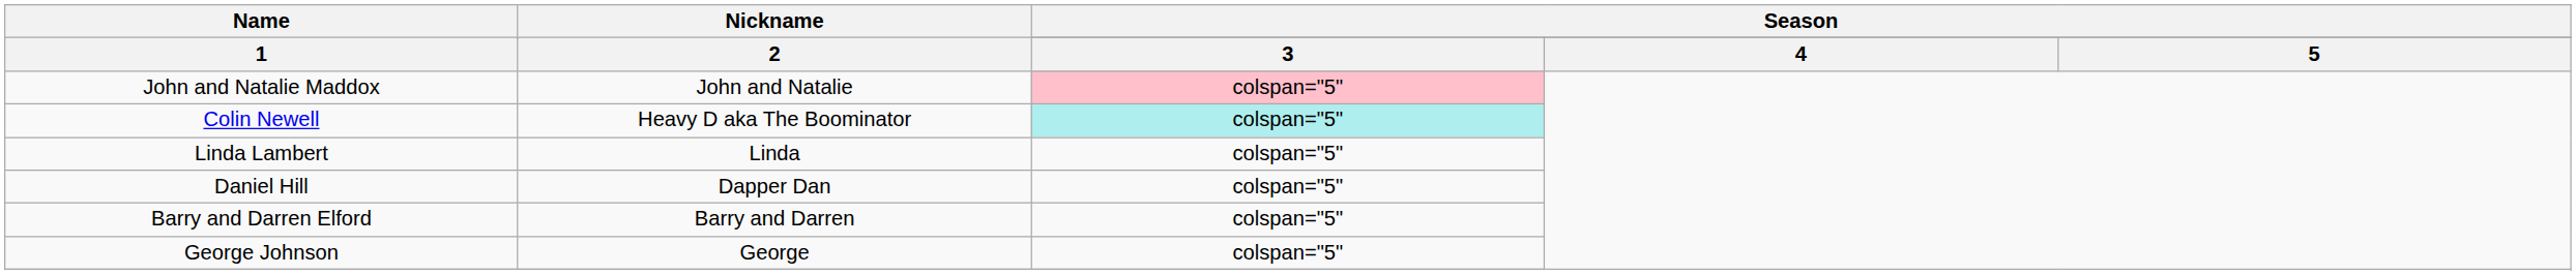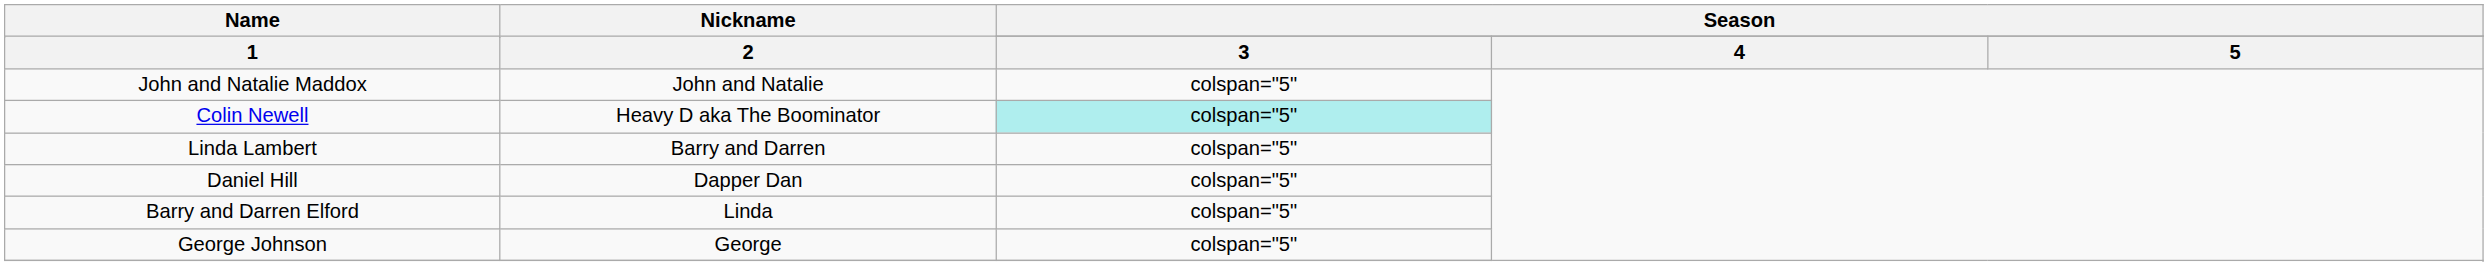 <table class="wikitable plainrowheaders" style="text-align:center">
 <tr>
 <th rowspan="2" width="10%" scope="col">Name</th>
 <th rowspan="2" width="10%" scope="col">Nickname</th>
 <th colspan="6" width="20%">Season</th>
 </tr>
 <tr>
 </tr>
 <tr>
 <th width="10%" scope="col">1</th>
 <th width="10%" scope="col">2</th>
 <th width="10%" scope="col">3</th>
 <th width="10%" scope="col">4</th>
 <th width="10%" scope="col">5</th>
 </tr>
 <tr>
 <td>John and Natalie Maddox</td>
 <td>John and Natalie</td>
-<td style="background: pink;">colspan="5" </td>
+<td>colspan="5" </td>
 </tr>
 <tr>
 <td><a href='#'>Colin Newell</a></td>
 <td>Heavy D aka The Boominator</td>
 <td style="background: paleturquoise;">colspan="5" </td>
 </tr>
 <tr>
 <td>Linda Lambert</td>
-<td>Linda</td>
+<td>Barry and Darren</td>
 <td>colspan="5" </td>
 </tr>
 <tr>
 <td>Daniel Hill</td>
 <td>Dapper Dan</td>
 <td>colspan="5" </td>
 </tr>
 <tr>
 <td>Barry and Darren Elford</td>
-<td>Barry and Darren</td>
+<td>Linda</td>
 <td>colspan="5" </td>
 </tr>
 <tr>
 <td>George Johnson</td>
 <td>George</td>
 <td>colspan="5" </td>
 </tr>
 <tr>
 </tr>
 </table>
